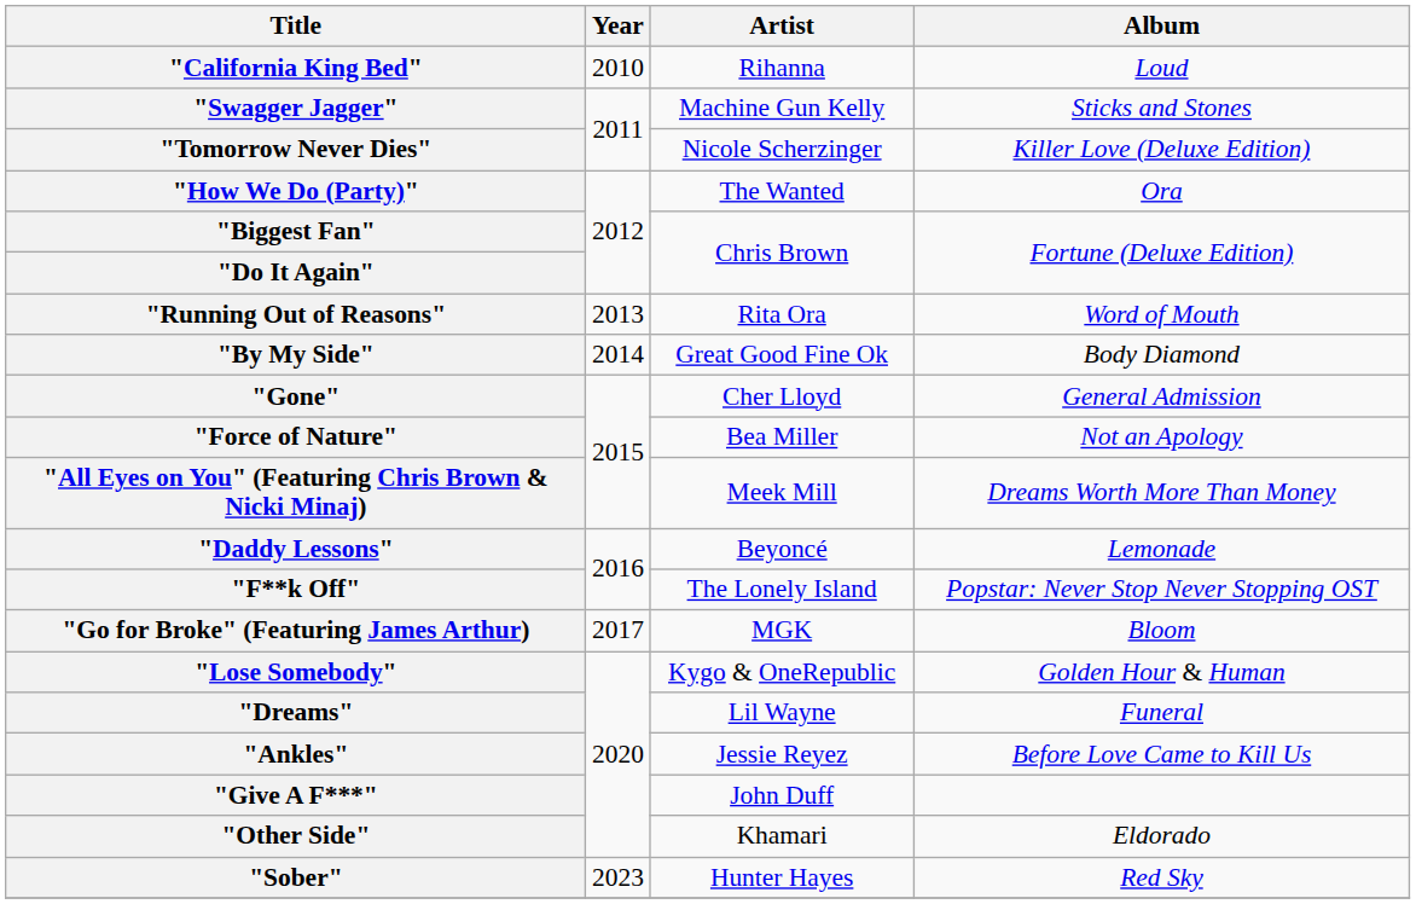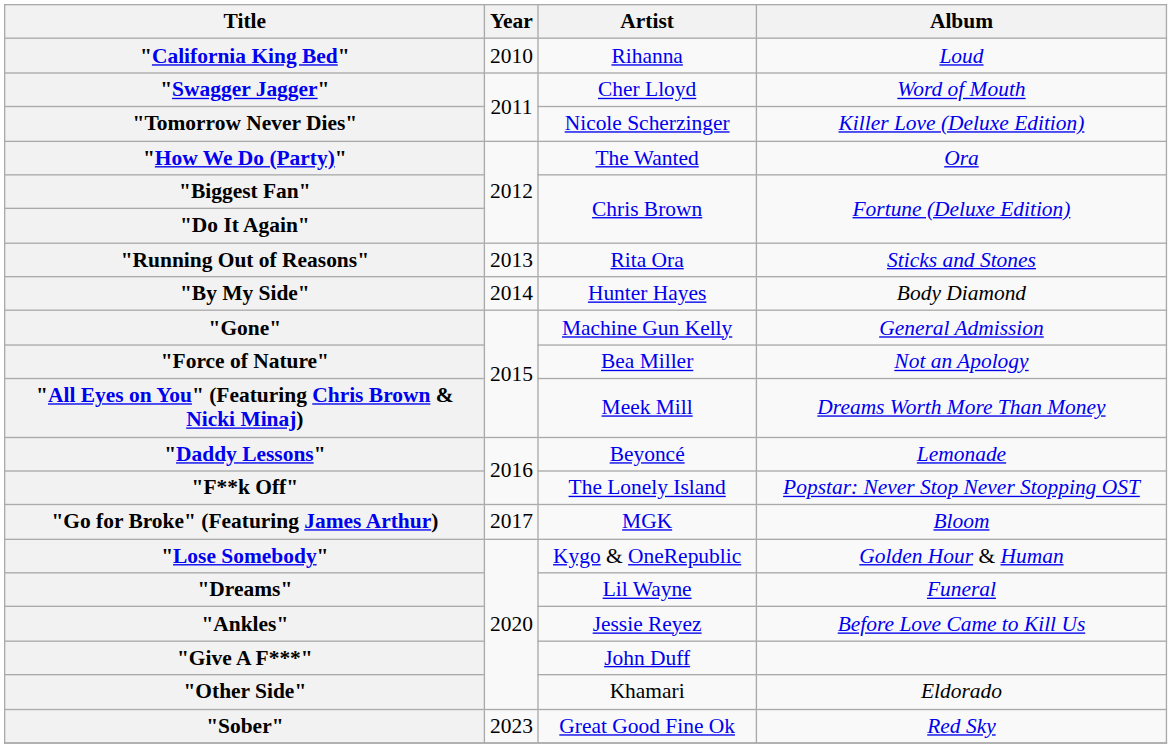 <table class="wikitable plainrowheaders" style="text-align:center;">
 <tr>
 <th scope="col" style="width:30.5em;">Title</th>
 <th scope="col">Year</th>
 <th scope="col" style="width:12em;">Artist</th>
 <th scope="col" style="width:26em;">Album</th>
 </tr>
 <tr>
 <th scope="row">"<a href='#'>California King Bed</a>"</th>
 <td>2010</td>
 <td><a href='#'>Rihanna</a></td>
 <td><em><a href='#'>Loud</a></em></td>
 </tr>
 <tr>
 <th scope="row">"<a href='#'>Swagger Jagger</a>"</th>
 <td rowspan="2">2011</td>
-<td><a href='#'>Machine Gun Kelly</a></td>
-<td><em><a href='#'>Sticks and Stones</a></em></td>
+<td><a href='#'>Cher Lloyd</a></td>
+<td><em><a href='#'>Word of Mouth</a></em></td>
 </tr>
 <tr>
 <th scope="row">"Tomorrow Never Dies"</th>
 <td><a href='#'>Nicole Scherzinger</a></td>
 <td><em><a href='#'>Killer Love (Deluxe Edition)</a></em></td>
 </tr>
 <tr>
 <th scope="row">"<a href='#'>How We Do (Party)</a>"</th>
 <td rowspan="3">2012</td>
 <td><a href='#'>The Wanted</a></td>
 <td><em><a href='#'>Ora</a></em></td>
 </tr>
 <tr>
 <th scope="row">"Biggest Fan"</th>
 <td rowspan="2"><a href='#'>Chris Brown</a></td>
 <td rowspan="2"><em><a href='#'>Fortune (Deluxe Edition)</a></em></td>
 </tr>
 <tr>
 <th scope="row">"Do It Again"</th>
 </tr>
 <tr>
 <th scope="row">"Running Out of Reasons"</th>
 <td>2013</td>
 <td><a href='#'>Rita Ora</a></td>
-<td><em><a href='#'>Word of Mouth</a></em></td>
+<td><em><a href='#'>Sticks and Stones</a></em></td>
 </tr>
 <tr>
 <th scope="row">"By My Side"</th>
 <td>2014</td>
-<td><a href='#'>Great Good Fine Ok</a></td>
+<td><a href='#'>Hunter Hayes</a></td>
 <td><em>Body Diamond</em></td>
 </tr>
 <tr>
 <th scope="row">"Gone"</th>
 <td rowspan="3">2015</td>
-<td><a href='#'>Cher Lloyd</a></td>
+<td><a href='#'>Machine Gun Kelly</a></td>
 <td><em><a href='#'>General Admission</a></em></td>
 </tr>
 <tr>
 <th scope="row">"Force of Nature"</th>
 <td><a href='#'>Bea Miller</a></td>
 <td><em><a href='#'>Not an Apology</a></em></td>
 </tr>
 <tr>
 <th scope="row">"<a href='#'>All Eyes on You</a>" (Featuring <a href='#'>Chris Brown</a> & <a href='#'>Nicki Minaj</a>)</th>
 <td><a href='#'>Meek Mill</a></td>
 <td><em><a href='#'>Dreams Worth More Than Money</a></em></td>
 </tr>
 <tr>
 <th scope="row">"<a href='#'>Daddy Lessons</a>"</th>
 <td rowspan="2">2016</td>
 <td><a href='#'>Beyoncé</a></td>
 <td><em><a href='#'>Lemonade</a></em></td>
 </tr>
 <tr>
 <th scope="row">"F**k Off"</th>
 <td><a href='#'>The Lonely Island</a></td>
 <td><em><a href='#'>Popstar: Never Stop Never Stopping OST</a></em></td>
 </tr>
 <tr>
 <th scope="row">"Go for Broke" (Featuring <a href='#'>James Arthur</a>)</th>
 <td>2017</td>
 <td><a href='#'>MGK</a></td>
 <td><em><a href='#'>Bloom</a></em></td>
 </tr>
 <tr>
 <th scope="row">"<a href='#'>Lose Somebody</a>"</th>
 <td rowspan="5">2020</td>
 <td><a href='#'>Kygo</a> & <a href='#'>OneRepublic</a></td>
 <td><em><a href='#'>Golden Hour</a></em> & <em><a href='#'>Human</a></em></td>
 </tr>
 <tr>
 <th scope="row">"Dreams"</th>
 <td><a href='#'>Lil Wayne</a></td>
 <td><em><a href='#'>Funeral</a></em></td>
 </tr>
 <tr>
 <th scope="row">"Ankles"</th>
 <td><a href='#'>Jessie Reyez</a></td>
 <td><em><a href='#'>Before Love Came to Kill Us</a></em></td>
 </tr>
 <tr>
 <th scope="row">"Give A F***" </th>
 <td><a href='#'>John Duff</a></td>
 <td></td>
 </tr>
 <tr>
 <th scope="row">"Other Side" </th>
 <td>Khamari</td>
 <td><em>Eldorado</em></td>
 </tr>
 <tr>
 <th scope="row">"Sober"</th>
 <td>2023</td>
-<td><a href='#'>Hunter Hayes</a></td>
+<td><a href='#'>Great Good Fine Ok</a></td>
 <td><em><a href='#'>Red Sky</a></em></td>
 </tr>
 <tr>
 </tr>
 </table>
